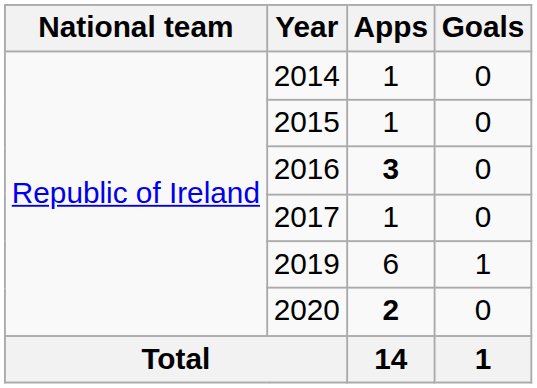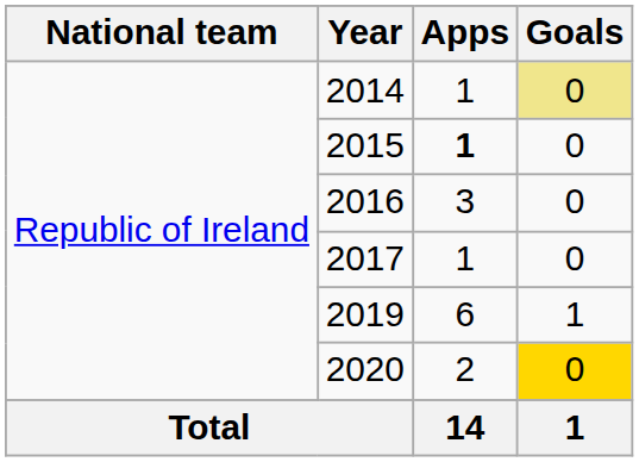 <table class="wikitable" style="text-align:center">
 <tr>
 <th>National team</th>
 <th>Year</th>
 <th>Apps</th>
 <th>Goals</th>
 </tr>
 <tr>
 <td rowspan="6"><a href='#'>Republic of Ireland</a></td>
 <td>2014</td>
 <td>1</td>
-<td>0</td>
+<td style="background: khaki;">0</td>
 </tr>
 <tr>
 <td>2015</td>
-<td>1</td>
+<td><strong>1</strong></td>
 <td>0</td>
 </tr>
 <tr>
 <td>2016</td>
-<td><strong>3</strong></td>
+<td>3</td>
 <td>0</td>
 </tr>
 <tr>
 <td>2017</td>
 <td>1</td>
 <td>0</td>
 </tr>
 <tr>
 <td>2019</td>
 <td>6</td>
 <td>1</td>
 </tr>
 <tr>
 <td>2020</td>
-<td><strong>2</strong></td>
-<td>0</td>
+<td>2</td>
+<td style="background: gold;">0</td>
 </tr>
 <tr>
 <th colspan="2">Total</th>
 <th>14</th>
 <th>1</th>
 </tr>
 </table>
